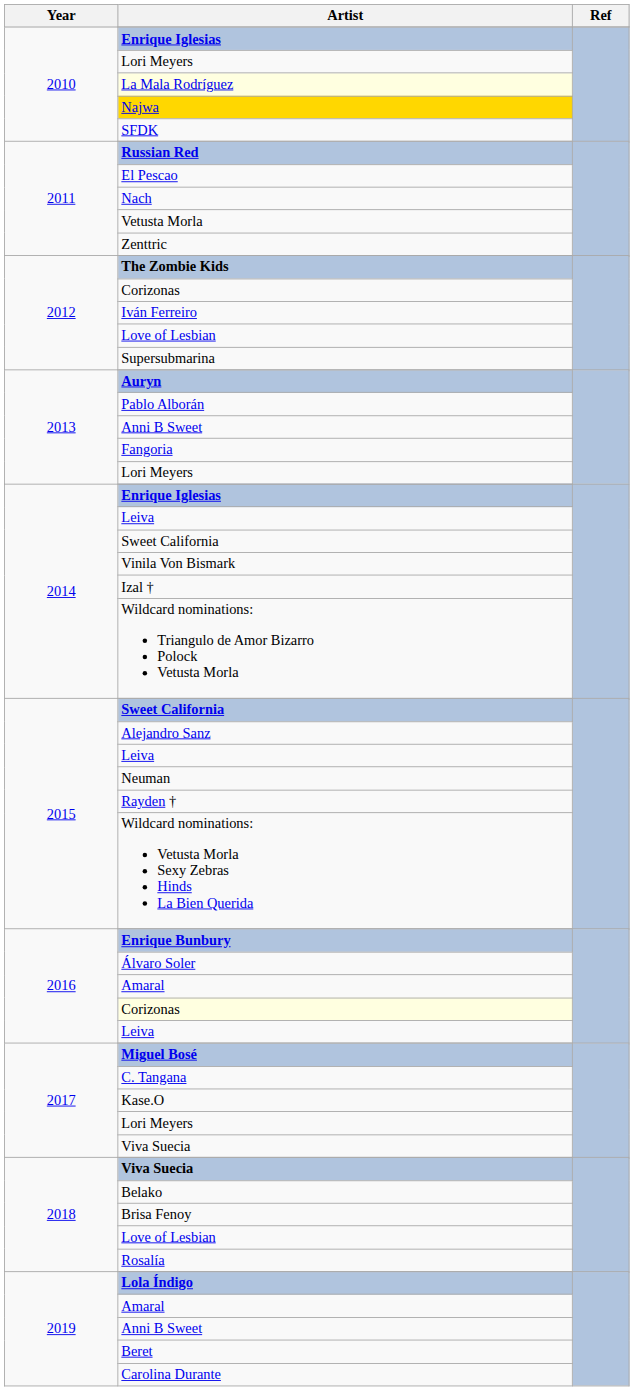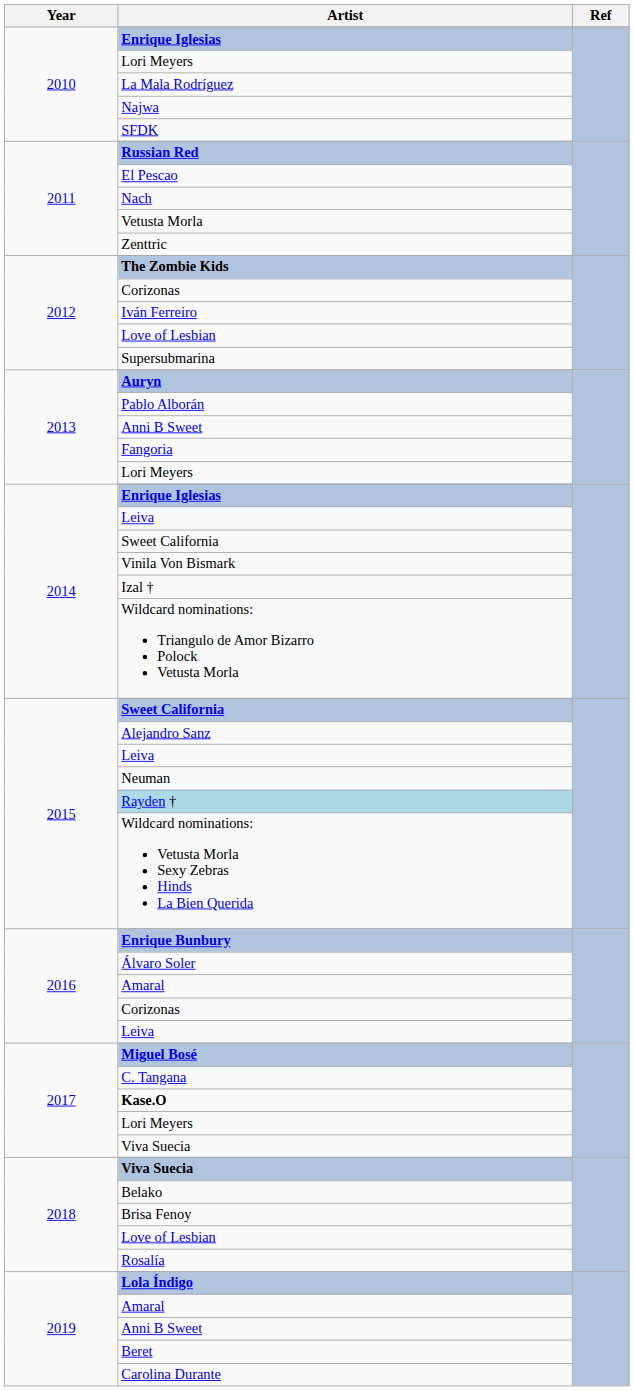 <table class="wikitable" style="width:55%;">
 <tr style="background:#bebebe;">
 <th style="width:10%;">Year</th>
 <th style="width:40%;">Artist</th>
 <th style="width:5%;">Ref</th>
 </tr>
 <tr>
 <td rowspan="6" align="center"><a href='#'>2010</a></td>
 </tr>
 <tr style="background:#B0C4DE">
 <td><strong><a href='#'>Enrique Iglesias</a></strong></td>
 <td rowspan="6" align="center"></td>
 </tr>
 <tr>
 <td>Lori Meyers</td>
 </tr>
 <tr>
-<td style="background: lightyellow;"><a href='#'>La Mala Rodríguez</a></td>
+<td><a href='#'>La Mala Rodríguez</a></td>
 </tr>
 <tr>
-<td style="background: gold;"><a href='#'>Najwa</a></td>
+<td><a href='#'>Najwa</a></td>
 </tr>
 <tr>
 <td><a href='#'>SFDK</a></td>
 </tr>
 <tr>
 <td rowspan="6" align="center"><a href='#'>2011</a></td>
 </tr>
 <tr style="background:#B0C4DE">
 <td><strong><a href='#'>Russian Red</a></strong></td>
 <td rowspan="6" align="center"></td>
 </tr>
 <tr>
 <td><a href='#'>El Pescao</a></td>
 </tr>
 <tr>
 <td><a href='#'>Nach</a></td>
 </tr>
 <tr>
 <td>Vetusta Morla</td>
 </tr>
 <tr>
 <td>Zenttric</td>
 </tr>
 <tr>
 <td rowspan="6" align="center"><a href='#'>2012</a></td>
 </tr>
 <tr style="background:#B0C4DE">
 <td><strong>The Zombie Kids</strong></td>
 <td rowspan="6" align="center"></td>
 </tr>
 <tr>
 <td>Corizonas</td>
 </tr>
 <tr>
 <td><a href='#'>Iván Ferreiro</a></td>
 </tr>
 <tr>
 <td><a href='#'>Love of Lesbian</a></td>
 </tr>
 <tr>
 <td>Supersubmarina</td>
 </tr>
 <tr>
 <td rowspan="6" align="center"><a href='#'>2013</a></td>
 </tr>
 <tr style="background:#B0C4DE">
 <td><strong><a href='#'>Auryn</a></strong></td>
 <td rowspan="6" align="center"></td>
 </tr>
 <tr>
 <td><a href='#'>Pablo Alborán</a></td>
 </tr>
 <tr>
 <td><a href='#'>Anni B Sweet</a></td>
 </tr>
 <tr>
 <td><a href='#'>Fangoria</a></td>
 </tr>
 <tr>
 <td>Lori Meyers</td>
 </tr>
 <tr>
 <td rowspan="7" align="center"><a href='#'>2014</a></td>
 </tr>
 <tr style="background:#B0C4DE">
 <td><strong><a href='#'>Enrique Iglesias</a></strong></td>
 <td rowspan="7" align="center"></td>
 </tr>
 <tr>
 <td><a href='#'>Leiva</a></td>
 </tr>
 <tr>
 <td>Sweet California</td>
 </tr>
 <tr>
 <td>Vinila Von Bismark</td>
 </tr>
 <tr>
 <td>Izal †</td>
 </tr>
 <tr>
 <td>Wildcard nominations:<br><ul><li>Triangulo de Amor Bizarro</li><li>Polock</li><li>Vetusta Morla</li></ul></td>
 </tr>
 <tr>
 <td rowspan="7" align="center"><a href='#'>2015</a></td>
 </tr>
 <tr style="background:#B0C4DE">
 <td><strong><a href='#'>Sweet California</a></strong></td>
 <td rowspan="7" align="center"></td>
 </tr>
 <tr>
 <td><a href='#'>Alejandro Sanz</a></td>
 </tr>
 <tr>
 <td><a href='#'>Leiva</a></td>
 </tr>
 <tr>
 <td>Neuman</td>
 </tr>
 <tr>
-<td><a href='#'>Rayden</a> †</td>
+<td style="background: lightblue;"><a href='#'>Rayden</a> †</td>
 </tr>
 <tr>
 <td>Wildcard nominations:<br><ul><li>Vetusta Morla</li><li>Sexy Zebras</li><li><a href='#'>Hinds</a></li><li><a href='#'>La Bien Querida</a></li></ul></td>
 </tr>
 <tr>
 <td rowspan="6" align="center"><a href='#'>2016</a></td>
 </tr>
 <tr style="background:#B0C4DE">
 <td><strong><a href='#'>Enrique Bunbury</a></strong></td>
 <td rowspan="6" align="center"></td>
 </tr>
 <tr>
 <td><a href='#'>Álvaro Soler</a></td>
 </tr>
 <tr>
 <td><a href='#'>Amaral</a></td>
 </tr>
 <tr>
-<td style="background: lightyellow;">Corizonas</td>
+<td>Corizonas</td>
 </tr>
 <tr>
 <td><a href='#'>Leiva</a></td>
 </tr>
 <tr>
 <td rowspan="6" align="center"><a href='#'>2017</a></td>
 </tr>
 <tr style="background:#B0C4DE">
 <td><strong><a href='#'>Miguel Bosé</a></strong></td>
 <td rowspan="6" align="center"></td>
 </tr>
 <tr>
 <td><a href='#'>C. Tangana</a></td>
 </tr>
 <tr>
-<td>Kase.O</td>
+<td><strong>Kase.O</strong></td>
 </tr>
 <tr>
 <td>Lori Meyers</td>
 </tr>
 <tr>
 <td>Viva Suecia</td>
 </tr>
 <tr>
 <td rowspan="6" align="center"><a href='#'>2018</a></td>
 </tr>
 <tr style="background:#B0C4DE">
 <td><strong>Viva Suecia</strong></td>
 <td rowspan="6" align="center"></td>
 </tr>
 <tr>
 <td>Belako</td>
 </tr>
 <tr>
 <td>Brisa Fenoy</td>
 </tr>
 <tr>
 <td><a href='#'>Love of Lesbian</a></td>
 </tr>
 <tr>
 <td><a href='#'>Rosalía</a></td>
 </tr>
 <tr>
 <td rowspan="6" align="center"><a href='#'>2019</a></td>
 </tr>
 <tr style="background:#B0C4DE">
 <td><strong><a href='#'>Lola Índigo</a></strong></td>
 <td rowspan="6" align="center"></td>
 </tr>
 <tr>
 <td><a href='#'>Amaral</a></td>
 </tr>
 <tr>
 <td><a href='#'>Anni B Sweet</a></td>
 </tr>
 <tr>
 <td><a href='#'>Beret</a></td>
 </tr>
 <tr>
 <td><a href='#'>Carolina Durante</a></td>
 </tr>
 </table>
